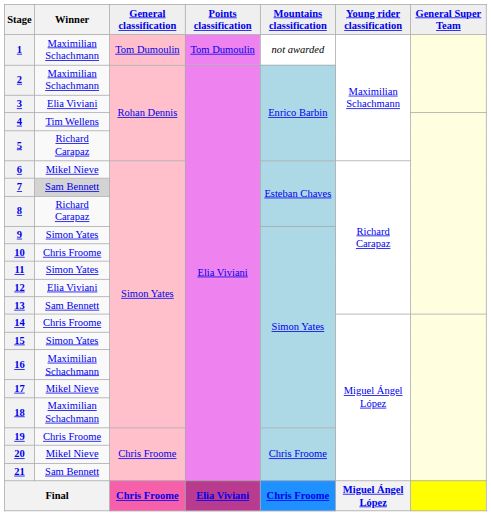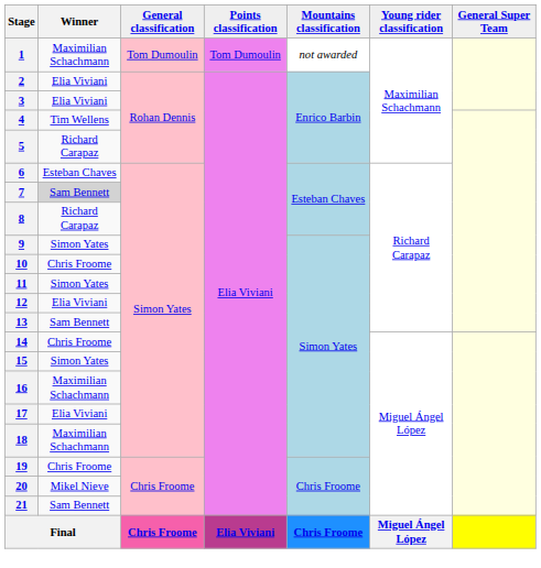 <table class="wikitable" style="text-align: center; font-size:smaller;">
 <tr style="background:#efefef;">
 <th style="width:1%;">Stage</th>
 <th style="width:14%;">Winner</th>
 <th style="background:#efefef; width:14%;"><a href='#'>General classification</a><br></th>
 <th style="background:#efefef; width:14%;"><a href='#'>Points classification</a><br></th>
 <th style="background:#efefef; width:14%;"><a href='#'>Mountains classification</a><br></th>
 <th style="background:#efefef; width:14%;"><a href='#'>Young rider classification</a><br></th>
 <th style="background:#efefef; width:14%;"><a href='#'>General Super Team</a></th>
 </tr>
 <tr>
 <th><a href='#'>1</a></th>
 <td><a href='#'>Maximilian Schachmann</a></td>
 <td style="background:pink;"><a href='#'>Tom Dumoulin</a></td>
 <td style="background:violet;"><a href='#'>Tom Dumoulin</a></td>
 <td style="background:white;"><em>not awarded</em></td>
 <td style="background:white;" rowspan=5><a href='#'>Maximilian Schachmann</a></td>
 <td style="background:lightyellow;" rowspan=3></td>
 </tr>
 <tr>
 <th><a href='#'>2</a></th>
-<td><a href='#'>Maximilian Schachmann</a></td>
+<td><a href='#'>Elia Viviani</a></td>
 <td style="background:pink;" rowspan=4><a href='#'>Rohan Dennis</a></td>
 <td style="background:violet;" rowspan=20><a href='#'>Elia Viviani</a></td>
 <td style="background:lightblue;" rowspan=4><a href='#'>Enrico Barbin</a></td>
 </tr>
 <tr>
 <th><a href='#'>3</a></th>
 <td><a href='#'>Elia Viviani</a></td>
 </tr>
 <tr>
 <th><a href='#'>4</a></th>
 <td><a href='#'>Tim Wellens</a></td>
 <td style="background:lightyellow;" rowspan=10></td>
 </tr>
 <tr>
 <th><a href='#'>5</a></th>
 <td><a href='#'>Richard Carapaz</a></td>
 </tr>
 <tr>
 <th><a href='#'>6</a></th>
-<td><a href='#'>Mikel Nieve</a></td>
+<td><a href='#'>Esteban Chaves</a></td>
 <td style="background:pink;" rowspan=13><a href='#'>Simon Yates</a></td>
 <td style="background:lightblue;" rowspan=3><a href='#'>Esteban Chaves</a></td>
 <td style="background:white;" rowspan=8><a href='#'>Richard Carapaz</a></td>
 </tr>
 <tr>
 <th><a href='#'>7</a></th>
 <td style="background: lightgrey;"><a href='#'>Sam Bennett</a></td>
 </tr>
 <tr>
 <th><a href='#'>8</a></th>
 <td><a href='#'>Richard Carapaz</a></td>
 </tr>
 <tr>
 <th><a href='#'>9</a></th>
 <td><a href='#'>Simon Yates</a></td>
 <td style="background:lightblue;" rowspan=10><a href='#'>Simon Yates</a></td>
 </tr>
 <tr>
 <th><a href='#'>10</a></th>
 <td><a href='#'>Chris Froome</a></td>
 </tr>
 <tr>
 <th><a href='#'>11</a></th>
 <td><a href='#'>Simon Yates</a></td>
 </tr>
 <tr>
 <th><a href='#'>12</a></th>
 <td><a href='#'>Elia Viviani</a></td>
 </tr>
 <tr>
 <th><a href='#'>13</a></th>
 <td><a href='#'>Sam Bennett</a></td>
 </tr>
 <tr>
 <th><a href='#'>14</a></th>
 <td><a href='#'>Chris Froome</a></td>
 <td style="background:white;" rowspan=8><a href='#'>Miguel Ángel López</a></td>
 <td style="background:lightyellow;" rowspan=8></td>
 </tr>
 <tr>
 <th><a href='#'>15</a></th>
 <td><a href='#'>Simon Yates</a></td>
 </tr>
 <tr>
 <th><a href='#'>16</a></th>
 <td><a href='#'>Maximilian Schachmann</a></td>
 </tr>
 <tr>
 <th><a href='#'>17</a></th>
-<td><a href='#'>Mikel Nieve</a></td>
+<td><a href='#'>Elia Viviani</a></td>
 </tr>
 <tr>
 <th><a href='#'>18</a></th>
 <td><a href='#'>Maximilian Schachmann</a></td>
 </tr>
 <tr>
 <th><a href='#'>19</a></th>
 <td><a href='#'>Chris Froome</a></td>
 <td style="background:pink;" rowspan=3><a href='#'>Chris Froome</a></td>
 <td style="background:lightblue;" rowspan=3><a href='#'>Chris Froome</a></td>
 </tr>
 <tr>
 <th><a href='#'>20</a></th>
 <td><a href='#'>Mikel Nieve</a></td>
 </tr>
 <tr>
 <th><a href='#'>21</a></th>
 <td><a href='#'>Sam Bennett</a></td>
 </tr>
 <tr>
 <th colspan=2>Final</th>
 <th style="background:#F660AB;"><a href='#'>Chris Froome</a></th>
 <th style="background:#B93B8F;"><a href='#'>Elia Viviani</a></th>
 <th style="background:dodgerblue;"><a href='#'>Chris Froome</a></th>
 <th style="background:offwhite;"><a href='#'>Miguel Ángel López</a></th>
 <th style="background:yellow;"></th>
 </tr>
 </table>
